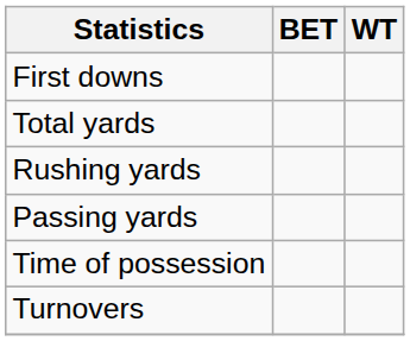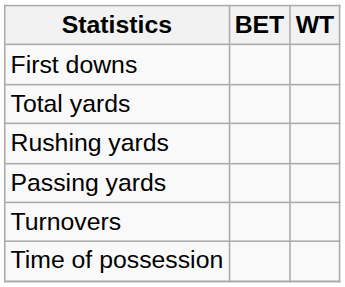 <table class="wikitable" style="float: left;">
 <tr>
 <th>Statistics</th>
 <th>BET</th>
 <th>WT</th>
 </tr>
 <tr>
 <td>First downs</td>
 <td></td>
 <td></td>
 </tr>
 <tr>
 <td>Total yards</td>
 <td></td>
 <td></td>
 </tr>
 <tr>
 <td>Rushing yards</td>
 <td></td>
 <td></td>
 </tr>
 <tr>
 <td>Passing yards</td>
 <td></td>
 <td></td>
 </tr>
 <tr>
-<td>Time of possession</td>
+<td>Turnovers</td>
 <td></td>
 <td></td>
 </tr>
 <tr>
-<td>Turnovers</td>
+<td>Time of possession</td>
 <td></td>
 <td></td>
 </tr>
 <tr>
 </tr>
 </table>
